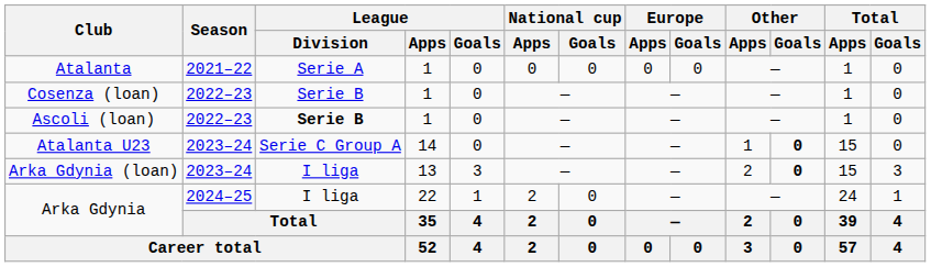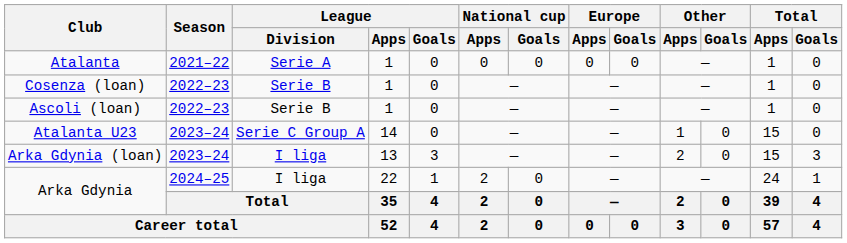 <table class="wikitable" style="text-align: center;">
 <tr>
 <th rowspan="2">Club</th>
 <th rowspan="2">Season</th>
 <th colspan="3">League</th>
 <th colspan="2">National cup</th>
 <th colspan="2">Europe</th>
 <th colspan="2">Other</th>
 <th colspan="2">Total</th>
 </tr>
 <tr>
 <th>Division</th>
 <th>Apps</th>
 <th>Goals</th>
 <th>Apps</th>
 <th>Goals</th>
 <th>Apps</th>
 <th>Goals</th>
 <th>Apps</th>
 <th>Goals</th>
 <th>Apps</th>
 <th>Goals</th>
 </tr>
 <tr>
 <td><a href='#'>Atalanta</a></td>
 <td><a href='#'>2021–22</a></td>
 <td><a href='#'>Serie A</a></td>
 <td>1</td>
 <td>0</td>
 <td>0</td>
 <td>0</td>
 <td>0</td>
 <td>0</td>
 <td colspan="2">—</td>
 <td>1</td>
 <td>0</td>
 </tr>
 <tr>
 <td><a href='#'>Cosenza</a> (loan)</td>
 <td><a href='#'>2022–23</a></td>
 <td><a href='#'>Serie B</a></td>
 <td>1</td>
 <td>0</td>
 <td colspan="2">—</td>
 <td colspan="2">—</td>
 <td colspan="2">—</td>
 <td>1</td>
 <td>0</td>
 </tr>
 <tr>
 <td><a href='#'>Ascoli</a> (loan)</td>
 <td><a href='#'>2022–23</a></td>
-<td><strong>Serie B</strong></td>
+<td>Serie B</td>
 <td>1</td>
 <td>0</td>
 <td colspan="2">—</td>
 <td colspan="2">—</td>
 <td colspan="2">—</td>
 <td>1</td>
 <td>0</td>
 </tr>
 <tr>
 <td><a href='#'>Atalanta U23</a></td>
 <td><a href='#'>2023–24</a></td>
 <td><a href='#'>Serie C Group A</a></td>
 <td>14</td>
 <td>0</td>
 <td colspan="2">—</td>
 <td colspan="2">—</td>
 <td>1</td>
-<td><strong>0</strong></td>
+<td>0</td>
 <td>15</td>
 <td>0</td>
 </tr>
 <tr>
 <td><a href='#'>Arka Gdynia</a> (loan)</td>
 <td><a href='#'>2023–24</a></td>
 <td><a href='#'>I liga</a></td>
 <td>13</td>
 <td>3</td>
 <td colspan="2">—</td>
 <td colspan="2">—</td>
 <td>2</td>
-<td><strong>0</strong></td>
+<td>0</td>
 <td>15</td>
 <td>3</td>
 </tr>
 <tr>
 <td rowspan="2">Arka Gdynia</td>
 <td><a href='#'>2024–25</a></td>
 <td>I liga</td>
 <td>22</td>
 <td>1</td>
 <td>2</td>
 <td>0</td>
 <td colspan="2">—</td>
 <td colspan="2">—</td>
 <td>24</td>
 <td>1</td>
 </tr>
 <tr>
 <th colspan="2">Total</th>
 <th>35</th>
 <th>4</th>
 <th>2</th>
 <th>0</th>
 <th colspan="2">—</th>
 <th>2</th>
 <th>0</th>
 <th>39</th>
 <th>4</th>
 </tr>
 <tr>
 <th colspan="3">Career total</th>
 <th>52</th>
 <th>4</th>
 <th>2</th>
 <th>0</th>
 <th>0</th>
 <th>0</th>
 <th>3</th>
 <th>0</th>
 <th>57</th>
 <th>4</th>
 </tr>
 </table>
